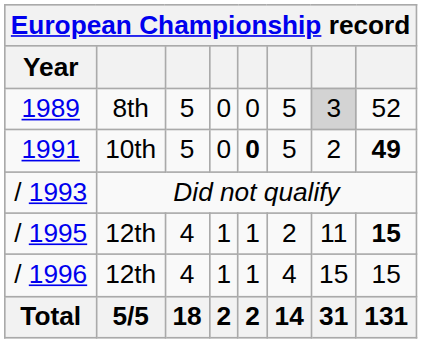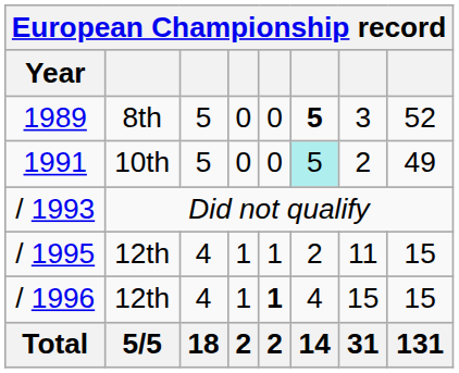 <table class="wikitable" style="text-align:center">
 <tr>
 <th colspan=8><a href='#'>European Championship</a> record</th>
 </tr>
 <tr>
 <th>Year</th>
 <th></th>
 <th></th>
 <th></th>
 <th></th>
 <th></th>
 <th></th>
 <th></th>
 </tr>
 <tr>
 <td> <a href='#'>1989</a></td>
 <td>8th</td>
 <td>5</td>
 <td>0</td>
 <td>0</td>
-<td>5</td>
-<td style="background: lightgrey;">3</td>
+<td><strong>5</strong></td>
+<td>3</td>
 <td>52</td>
 </tr>
 <tr>
 <td> <a href='#'>1991</a></td>
 <td>10th</td>
 <td>5</td>
 <td>0</td>
-<td><strong>0</strong></td>
-<td>5</td>
+<td>0</td>
+<td style="background: paleturquoise;">5</td>
 <td>2</td>
-<td><strong>49</strong></td>
+<td>49</td>
 </tr>
 <tr>
 <td>/ <a href='#'>1993</a></td>
 <td colspan= 7><em>Did not qualify</em></td>
 </tr>
 <tr>
 <td>/ <a href='#'>1995</a></td>
 <td>12th</td>
 <td>4</td>
 <td>1</td>
 <td>1</td>
 <td>2</td>
 <td>11</td>
-<td><strong>15</strong></td>
+<td>15</td>
 </tr>
 <tr>
 <td>/ <a href='#'>1996</a></td>
 <td>12th</td>
 <td>4</td>
 <td>1</td>
-<td>1</td>
+<td><strong>1</strong></td>
 <td>4</td>
 <td>15</td>
 <td>15</td>
 </tr>
 <tr>
 <th>Total</th>
 <th>5/5</th>
 <th>18</th>
 <th>2</th>
 <th>2</th>
 <th>14</th>
 <th>31</th>
 <th>131</th>
 </tr>
 </table>
